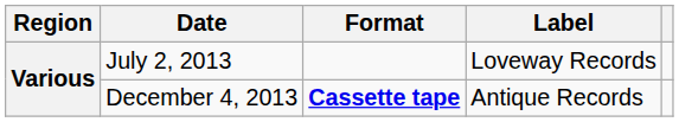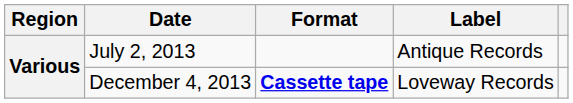 <table class="wikitable plainrowheaders">
 <tr>
 <th scope="col">Region</th>
 <th scope="col">Date</th>
 <th scope="col">Format</th>
 <th scope="col">Label</th>
 <th scope="col"></th>
 </tr>
 <tr>
 <th scope="row" rowspan="2">Various</th>
 <td>July 2, 2013</td>
 <td></td>
-<td>Loveway Records</td>
+<td>Antique Records</td>
 <td align="center"></td>
 </tr>
 <tr>
 <td>December 4, 2013</td>
 <td><strong><a href='#'>Cassette tape</a></strong></td>
-<td>Antique Records</td>
+<td>Loveway Records</td>
 <td align="center"></td>
 </tr>
 </table>
